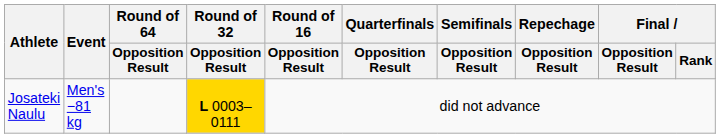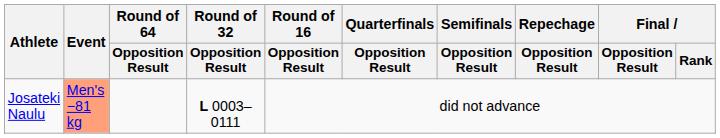 <table class="wikitable" style="font-size:90%">
 <tr>
 <th rowspan="2">Athlete</th>
 <th rowspan="2">Event</th>
 <th>Round of 64</th>
 <th>Round of 32</th>
 <th>Round of 16</th>
 <th>Quarterfinals</th>
 <th>Semifinals</th>
 <th>Repechage</th>
 <th colspan=2>Final / </th>
 </tr>
 <tr style="font-size:95%">
 <th>Opposition<br>Result</th>
 <th>Opposition<br>Result</th>
 <th>Opposition<br>Result</th>
 <th>Opposition<br>Result</th>
 <th>Opposition<br>Result</th>
 <th>Opposition<br>Result</th>
 <th>Opposition<br>Result</th>
 <th>Rank</th>
 </tr>
 <tr align=center>
 <td align=left><a href='#'>Josateki Naulu</a></td>
-<td align=left><a href='#'>Men's −81 kg</a></td>
+<td align=left style="background: lightsalmon;"><a href='#'>Men's −81 kg</a></td>
 <td></td>
-<td style="background: gold;"><br><strong>L</strong> 0003–0111</td>
+<td><br><strong>L</strong> 0003–0111</td>
 <td colspan=6>did not advance</td>
 </tr>
 </table>
